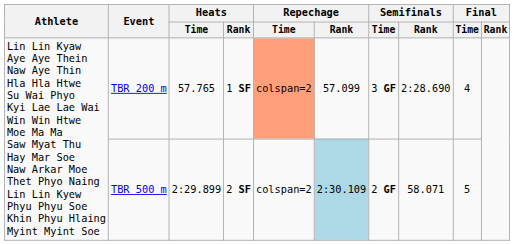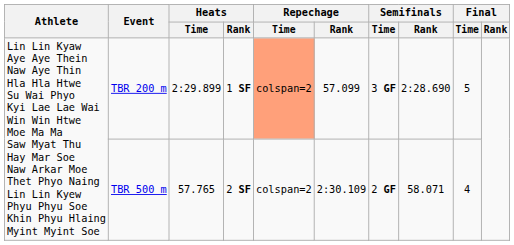 <table class="wikitable" style="text-align:center; font-size:90%">
 <tr>
 <th rowspan="2">Athlete</th>
 <th rowspan="2">Event</th>
 <th colspan="2">Heats</th>
 <th colspan="2">Repechage</th>
 <th colspan="2">Semifinals</th>
 <th colspan="2">Final</th>
 </tr>
 <tr style=font-size:95%>
 <th>Time</th>
 <th>Rank</th>
 <th>Time</th>
 <th>Rank</th>
 <th>Time</th>
 <th>Rank</th>
 <th>Time</th>
 <th>Rank</th>
 </tr>
 <tr>
 <td align=left rowspan=2>Lin Lin Kyaw<br>Aye Aye Thein<br>Naw Aye Thin<br>Hla Hla Htwe<br>Su Wai Phyo<br>Kyi Lae Lae Wai<br>Win Win Htwe<br>Moe Ma Ma<br>Saw Myat Thu<br>Hay Mar Soe<br>Naw Arkar Moe<br>Thet Phyo Naing<br>Lin Lin Kyew<br>Phyu Phyu Soe<br>Khin Phyu Hlaing<br>Myint Myint Soe</td>
 <td align=left><a href='#'>TBR 200 m</a></td>
-<td>57.765</td>
+<td>2:29.899</td>
 <td>1 <strong>SF</strong></td>
 <td style="background: lightsalmon;">colspan=2 </td>
 <td>57.099</td>
 <td>3 <strong>GF</strong></td>
 <td>2:28.690</td>
-<td>4</td>
+<td>5</td>
 </tr>
 <tr>
 <td align=left><a href='#'>TBR 500 m</a></td>
-<td>2:29.899</td>
+<td>57.765</td>
 <td>2 <strong>SF</strong></td>
 <td>colspan=2 </td>
-<td style="background: lightblue;">2:30.109</td>
+<td>2:30.109</td>
 <td>2 <strong>GF</strong></td>
 <td>58.071</td>
-<td>5</td>
+<td>4</td>
 </tr>
 </table>
